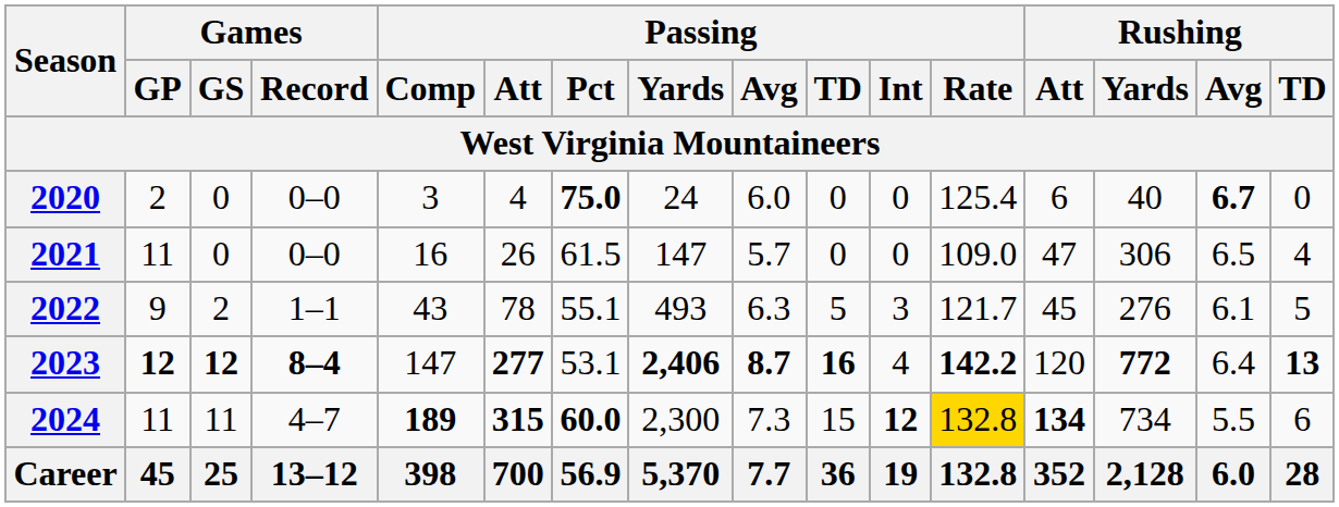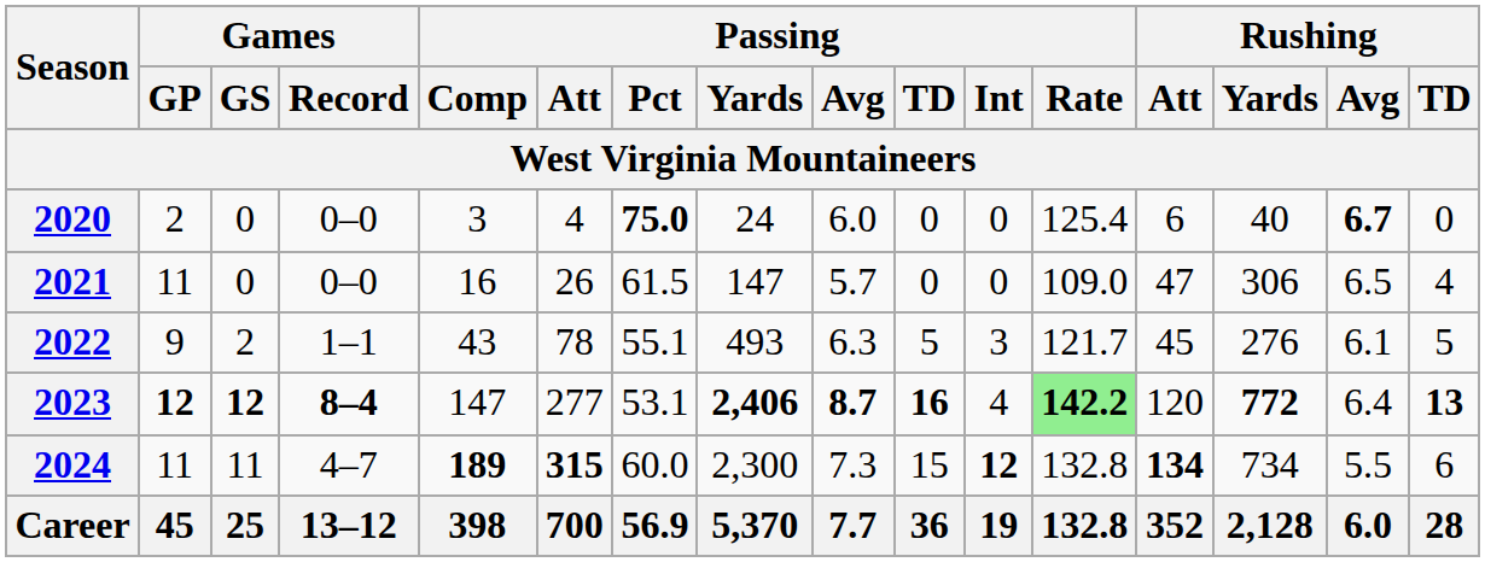 <table class="wikitable" style="text-align:center;">
 <tr>
 <th rowspan="2">Season</th>
 <th colspan="3">Games</th>
 <th colspan="8">Passing</th>
 <th colspan="5">Rushing</th>
 </tr>
 <tr>
 <th>GP</th>
 <th>GS</th>
 <th>Record</th>
 <th>Comp</th>
 <th>Att</th>
 <th>Pct</th>
 <th>Yards</th>
 <th>Avg</th>
 <th>TD</th>
 <th>Int</th>
 <th>Rate</th>
 <th>Att</th>
 <th>Yards</th>
 <th>Avg</th>
 <th>TD</th>
 </tr>
 <tr>
 <th colspan="17">West Virginia Mountaineers</th>
 </tr>
 <tr>
 <th><a href='#'>2020</a></th>
 <td>2</td>
 <td>0</td>
 <td>0–0</td>
 <td>3</td>
 <td>4</td>
 <td><strong>75.0</strong></td>
 <td>24</td>
 <td>6.0</td>
 <td>0</td>
 <td>0</td>
 <td>125.4</td>
 <td>6</td>
 <td>40</td>
 <td><strong>6.7</strong></td>
 <td>0</td>
 </tr>
 <tr>
 <th><a href='#'>2021</a></th>
 <td>11</td>
 <td>0</td>
 <td>0–0</td>
 <td>16</td>
 <td>26</td>
 <td>61.5</td>
 <td>147</td>
 <td>5.7</td>
 <td>0</td>
 <td>0</td>
 <td>109.0</td>
 <td>47</td>
 <td>306</td>
 <td>6.5</td>
 <td>4</td>
 </tr>
 <tr>
 <th><a href='#'>2022</a></th>
 <td>9</td>
 <td>2</td>
 <td>1–1</td>
 <td>43</td>
 <td>78</td>
 <td>55.1</td>
 <td>493</td>
 <td>6.3</td>
 <td>5</td>
 <td>3</td>
 <td>121.7</td>
 <td>45</td>
 <td>276</td>
 <td>6.1</td>
 <td>5</td>
 </tr>
 <tr>
 <th><a href='#'>2023</a></th>
 <td><strong>12</strong></td>
 <td><strong>12</strong></td>
 <td><strong>8–4</strong></td>
 <td>147</td>
-<td><strong>277</strong></td>
+<td>277</td>
 <td>53.1</td>
 <td><strong>2,406</strong></td>
 <td><strong>8.7</strong></td>
 <td><strong>16</strong></td>
 <td>4</td>
-<td><strong>142.2</strong></td>
+<td style="background: lightgreen;"><strong>142.2</strong></td>
 <td>120</td>
 <td><strong>772</strong></td>
 <td>6.4</td>
 <td><strong>13</strong></td>
 </tr>
 <tr>
 <th><a href='#'>2024</a></th>
 <td>11</td>
 <td>11</td>
 <td>4–7</td>
 <td><strong>189</strong></td>
 <td><strong>315</strong></td>
-<td><strong>60.0</strong></td>
+<td>60.0</td>
 <td>2,300</td>
 <td>7.3</td>
 <td>15</td>
 <td><strong>12</strong></td>
-<td style="background: gold;">132.8</td>
+<td>132.8</td>
 <td><strong>134</strong></td>
 <td>734</td>
 <td>5.5</td>
 <td>6</td>
 </tr>
 <tr>
 <th>Career</th>
 <th>45</th>
 <th>25</th>
 <th>13–12</th>
 <th>398</th>
 <th>700</th>
 <th>56.9</th>
 <th>5,370</th>
 <th>7.7</th>
 <th>36</th>
 <th>19</th>
 <th>132.8</th>
 <th>352</th>
 <th>2,128</th>
 <th>6.0</th>
 <th>28</th>
 </tr>
 </table>
